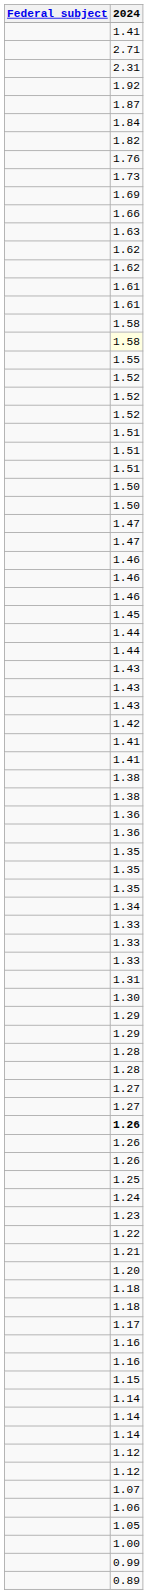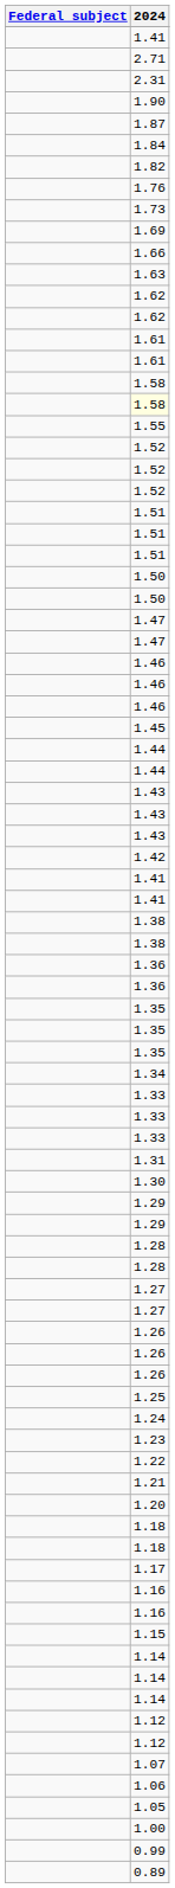 <table class="wikitable sortable mw-collapsible mw-collapsed">
 <tr>
 <th><a href='#'>Federal subject</a></th>
 <th>2024</th>
 </tr>
 <tr>
 </tr>
 <tr class="static-row-numbers-norank">
 <td><strong></strong></td>
 <td>1.41</td>
 </tr>
 <tr>
 <td></td>
 <td>2.71</td>
 </tr>
 <tr>
 <td></td>
 <td>2.31</td>
 </tr>
 <tr>
 <td></td>
-<td>1.92</td>
+<td>1.90</td>
 </tr>
 <tr>
 <td></td>
 <td>1.87</td>
 </tr>
 <tr>
 <td></td>
 <td>1.84</td>
 </tr>
 <tr>
 <td></td>
 <td>1.82</td>
 </tr>
 <tr>
 <td></td>
 <td>1.76</td>
 </tr>
 <tr>
 <td></td>
 <td>1.73</td>
 </tr>
 <tr>
 <td></td>
 <td>1.69</td>
 </tr>
 <tr>
 <td></td>
 <td>1.66</td>
 </tr>
 <tr>
 <td></td>
 <td>1.63</td>
 </tr>
 <tr>
 <td></td>
 <td>1.62</td>
 </tr>
 <tr>
 <td></td>
 <td>1.62</td>
 </tr>
 <tr>
 <td></td>
 <td>1.61</td>
 </tr>
 <tr>
 <td></td>
 <td>1.61</td>
 </tr>
 <tr>
 <td></td>
 <td>1.58</td>
 </tr>
 <tr>
 <td></td>
 <td style="background: lightyellow;">1.58</td>
 </tr>
 <tr>
 <td></td>
 <td>1.55</td>
 </tr>
 <tr>
 <td></td>
 <td>1.52</td>
 </tr>
 <tr>
 <td></td>
 <td>1.52</td>
 </tr>
 <tr>
 <td></td>
 <td>1.52</td>
 </tr>
 <tr>
 <td></td>
 <td>1.51</td>
 </tr>
 <tr>
 <td></td>
 <td>1.51</td>
 </tr>
 <tr>
 <td></td>
 <td>1.51</td>
 </tr>
 <tr>
 <td></td>
 <td>1.50</td>
 </tr>
 <tr>
 <td></td>
 <td>1.50</td>
 </tr>
 <tr>
 <td></td>
 <td>1.47</td>
 </tr>
 <tr>
 <td></td>
 <td>1.47</td>
 </tr>
 <tr>
 <td></td>
 <td>1.46</td>
 </tr>
 <tr>
 <td></td>
 <td>1.46</td>
 </tr>
 <tr>
 <td></td>
 <td>1.46</td>
 </tr>
 <tr>
 <td></td>
 <td>1.45</td>
 </tr>
 <tr>
 <td></td>
 <td>1.44</td>
 </tr>
 <tr>
 <td></td>
 <td>1.44</td>
 </tr>
 <tr>
 <td></td>
 <td>1.43</td>
 </tr>
 <tr>
 <td></td>
 <td>1.43</td>
 </tr>
 <tr>
 <td></td>
 <td>1.43</td>
 </tr>
 <tr>
 <td></td>
 <td>1.42</td>
 </tr>
 <tr>
 <td></td>
 <td>1.41</td>
 </tr>
 <tr>
 <td></td>
 <td>1.41</td>
 </tr>
 <tr>
 <td></td>
 <td>1.38</td>
 </tr>
 <tr>
 <td></td>
 <td>1.38</td>
 </tr>
 <tr>
 <td></td>
 <td>1.36</td>
 </tr>
 <tr>
 <td></td>
 <td>1.36</td>
 </tr>
 <tr>
 <td></td>
 <td>1.35</td>
 </tr>
 <tr>
 <td></td>
 <td>1.35</td>
 </tr>
 <tr>
 <td></td>
 <td>1.35</td>
 </tr>
 <tr>
 <td></td>
 <td>1.34</td>
 </tr>
 <tr>
 <td></td>
 <td>1.33</td>
 </tr>
 <tr>
 <td></td>
 <td>1.33</td>
 </tr>
 <tr>
 <td></td>
 <td>1.33</td>
 </tr>
 <tr>
 <td></td>
 <td>1.31</td>
 </tr>
 <tr>
 <td></td>
 <td>1.30</td>
 </tr>
 <tr>
 <td></td>
 <td>1.29</td>
 </tr>
 <tr>
 <td></td>
 <td>1.29</td>
 </tr>
 <tr>
 <td></td>
 <td>1.28</td>
 </tr>
 <tr>
 <td></td>
 <td>1.28</td>
 </tr>
 <tr>
 <td></td>
 <td>1.27</td>
 </tr>
 <tr>
 <td></td>
 <td>1.27</td>
 </tr>
 <tr>
 <td></td>
-<td><strong>1.26</strong></td>
+<td>1.26</td>
 </tr>
 <tr>
 <td></td>
 <td>1.26</td>
 </tr>
 <tr>
 <td></td>
 <td>1.26</td>
 </tr>
 <tr>
 <td></td>
 <td>1.25</td>
 </tr>
 <tr>
 <td></td>
 <td>1.24</td>
 </tr>
 <tr>
 <td></td>
 <td>1.23</td>
 </tr>
 <tr>
 <td></td>
 <td>1.22</td>
 </tr>
 <tr>
 <td></td>
 <td>1.21</td>
 </tr>
 <tr>
 <td></td>
 <td>1.20</td>
 </tr>
 <tr>
 <td></td>
 <td>1.18</td>
 </tr>
 <tr>
 <td></td>
 <td>1.18</td>
 </tr>
 <tr>
 <td></td>
 <td>1.17</td>
 </tr>
 <tr>
 <td></td>
 <td>1.16</td>
 </tr>
 <tr>
 <td></td>
 <td>1.16</td>
 </tr>
 <tr>
 <td></td>
 <td>1.15</td>
 </tr>
 <tr>
 <td></td>
 <td>1.14</td>
 </tr>
 <tr>
 <td></td>
 <td>1.14</td>
 </tr>
 <tr>
 <td></td>
 <td>1.14</td>
 </tr>
 <tr>
 <td></td>
 <td>1.12</td>
 </tr>
 <tr>
 <td></td>
 <td>1.12</td>
 </tr>
 <tr>
 <td></td>
 <td>1.07</td>
 </tr>
 <tr>
 <td></td>
 <td>1.06</td>
 </tr>
 <tr>
 <td></td>
 <td>1.05</td>
 </tr>
 <tr>
 <td></td>
 <td>1.00</td>
 </tr>
 <tr>
 <td></td>
 <td>0.99</td>
 </tr>
 <tr>
 <td></td>
 <td>0.89</td>
 </tr>
 </table>
